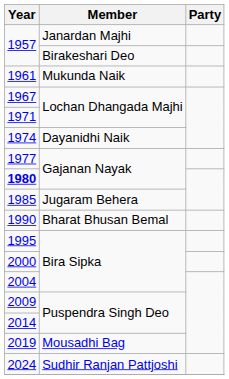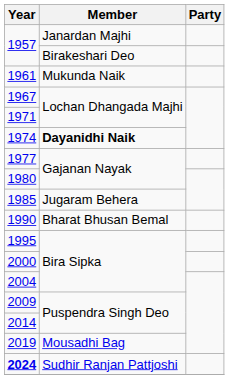 <table class="wikitable sortable">
 <tr>
 <th>Year</th>
 <th>Member</th>
 <th colspan=2>Party</th>
 </tr>
 <tr>
 <td rowspan="2"><a href='#'>1957</a></td>
 <td>Janardan Majhi</td>
 <td></td>
 </tr>
 <tr>
 <td>Birakeshari Deo</td>
 </tr>
 <tr>
 <td><a href='#'>1961</a></td>
 <td>Mukunda Naik</td>
 <td></td>
 </tr>
 <tr>
 <td><a href='#'>1967</a></td>
 <td rowspan=2>Lochan Dhangada Majhi</td>
 </tr>
 <tr>
 <td><a href='#'>1971</a></td>
 </tr>
 <tr>
 <td><a href='#'>1974</a></td>
-<td>Dayanidhi Naik</td>
+<td><strong>Dayanidhi Naik</strong></td>
 </tr>
 <tr>
 <td><a href='#'>1977</a></td>
 <td rowspan=2>Gajanan Nayak</td>
 <td></td>
 </tr>
 <tr>
-<td><strong><a href='#'>1980</a></strong></td>
+<td><a href='#'>1980</a></td>
 </tr>
 <tr>
 <td><a href='#'>1985</a></td>
 <td>Jugaram Behera</td>
 </tr>
 <tr>
 <td><a href='#'>1990</a></td>
 <td>Bharat Bhusan Bemal</td>
 <td></td>
 </tr>
 <tr>
 <td><a href='#'>1995</a></td>
 <td rowspan=3>Bira Sipka</td>
 </tr>
 <tr>
 <td><a href='#'>2000</a></td>
 <td></td>
 </tr>
 <tr>
 <td><a href='#'>2004</a></td>
 </tr>
 <tr>
 <td><a href='#'>2009</a></td>
 <td rowspan=2>Puspendra Singh Deo</td>
 </tr>
 <tr>
 <td><a href='#'>2014</a></td>
 </tr>
 <tr>
 <td><a href='#'>2019</a></td>
 <td><a href='#'>Mousadhi Bag</a></td>
 </tr>
 <tr>
-<td><a href='#'>2024</a></td>
+<td><strong><a href='#'>2024</a></strong></td>
 <td><a href='#'>Sudhir Ranjan Pattjoshi</a></td>
 <td></td>
 </tr>
 <tr>
 </tr>
 </table>
